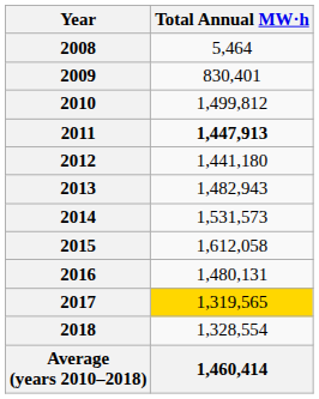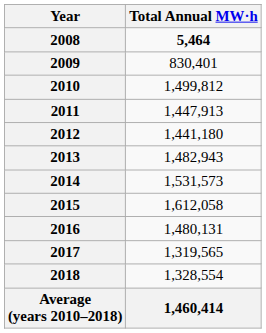 <table class=wikitable style="text-align:center;">
 <tr>
 <th>Year</th>
 <th>Total Annual <a href='#'>MW·h</a></th>
 </tr>
 <tr>
 <th>2008</th>
-<td>5,464</td>
+<td><strong>5,464</strong></td>
 </tr>
 <tr>
 <th>2009</th>
 <td>830,401</td>
 </tr>
 <tr>
 <th>2010</th>
 <td>1,499,812</td>
 </tr>
 <tr>
 <th>2011</th>
-<td><strong>1,447,913</strong></td>
+<td>1,447,913</td>
 </tr>
 <tr>
 <th>2012</th>
 <td>1,441,180</td>
 </tr>
 <tr>
 <th>2013</th>
 <td>1,482,943</td>
 </tr>
 <tr>
 <th>2014</th>
 <td>1,531,573</td>
 </tr>
 <tr>
 <th>2015</th>
 <td>1,612,058</td>
 </tr>
 <tr>
 <th>2016</th>
 <td>1,480,131</td>
 </tr>
 <tr>
 <th>2017</th>
-<td style="background: gold;">1,319,565</td>
+<td>1,319,565</td>
 </tr>
 <tr>
 <th>2018</th>
 <td>1,328,554</td>
 </tr>
 <tr>
 <th>Average<br>(years 2010–2018)</th>
 <th>1,460,414</th>
 </tr>
 </table>
